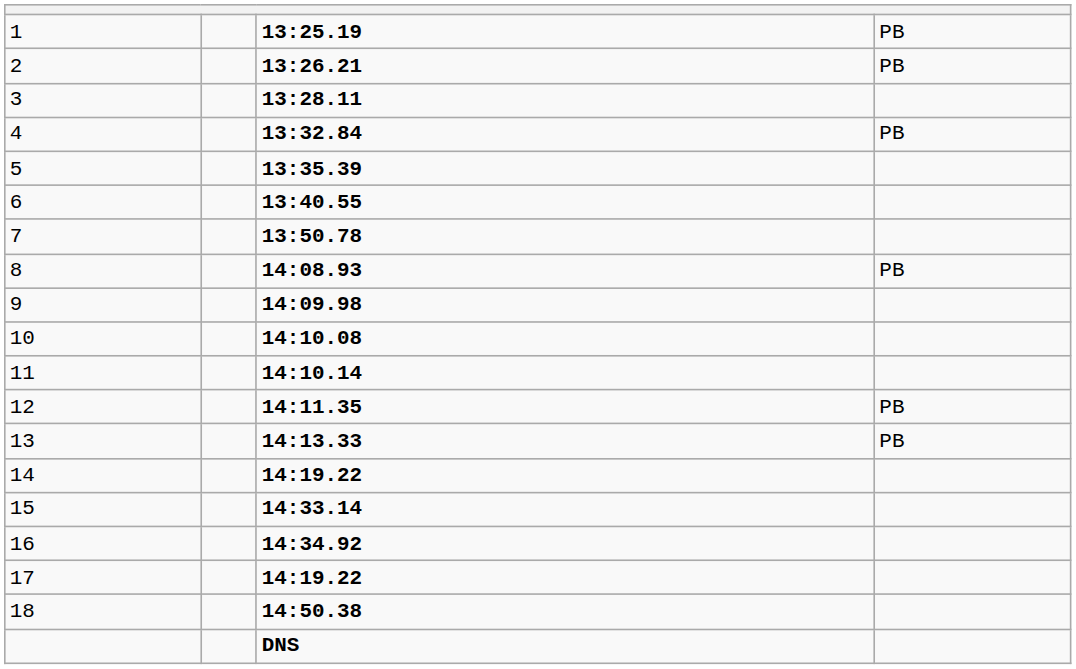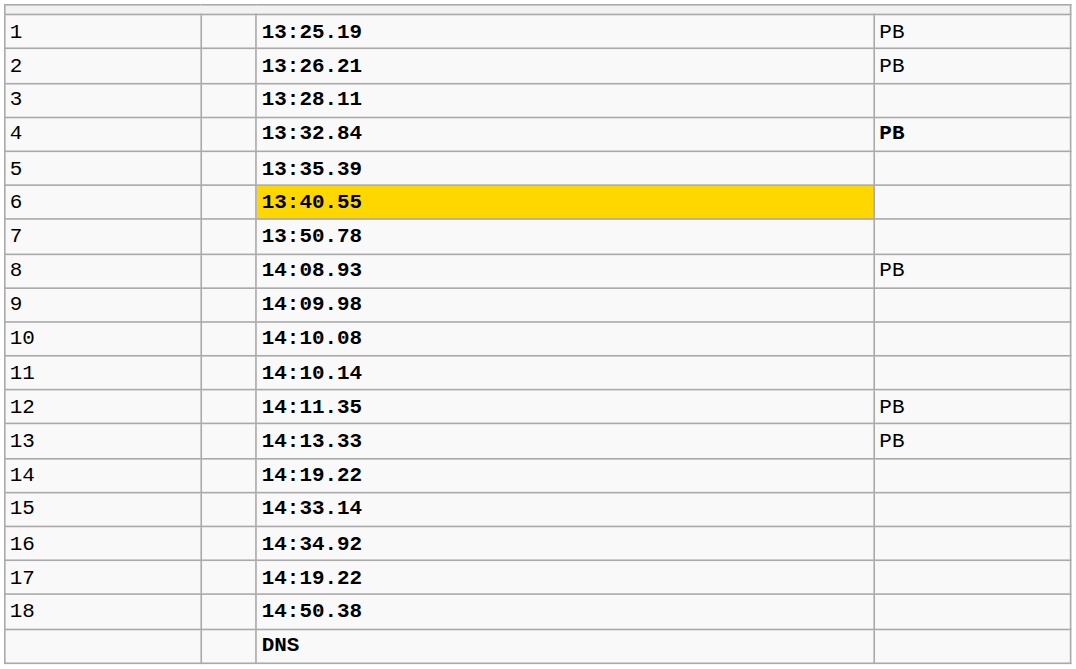 <table class="wikitable" width=75%>
 <tr>
 <th colspan="4"></th>
 </tr>
 <tr>
 <td>1</td>
 <td></td>
 <td><strong>13:25.19</strong></td>
 <td>PB</td>
 </tr>
 <tr>
 <td>2</td>
 <td></td>
 <td><strong>13:26.21</strong></td>
 <td>PB</td>
 </tr>
 <tr>
 <td>3</td>
 <td></td>
 <td><strong>13:28.11</strong></td>
 <td></td>
 </tr>
 <tr>
 <td>4</td>
 <td></td>
 <td><strong>13:32.84</strong></td>
-<td>PB</td>
+<td><strong>PB</strong></td>
 </tr>
 <tr>
 <td>5</td>
 <td></td>
 <td><strong>13:35.39</strong></td>
 <td></td>
 </tr>
 <tr>
 <td>6</td>
 <td></td>
-<td><strong>13:40.55</strong></td>
+<td style="background: gold;"><strong>13:40.55</strong></td>
 <td></td>
 </tr>
 <tr>
 <td>7</td>
 <td></td>
 <td><strong>13:50.78</strong></td>
 <td></td>
 </tr>
 <tr>
 <td>8</td>
 <td></td>
 <td><strong>14:08.93</strong></td>
 <td>PB</td>
 </tr>
 <tr>
 <td>9</td>
 <td></td>
 <td><strong>14:09.98</strong></td>
 <td></td>
 </tr>
 <tr>
 <td>10</td>
 <td></td>
 <td><strong>14:10.08</strong></td>
 <td></td>
 </tr>
 <tr>
 <td>11</td>
 <td></td>
 <td><strong>14:10.14</strong></td>
 <td></td>
 </tr>
 <tr>
 <td>12</td>
 <td></td>
 <td><strong>14:11.35</strong></td>
 <td>PB</td>
 </tr>
 <tr>
 <td>13</td>
 <td></td>
 <td><strong>14:13.33</strong></td>
 <td>PB</td>
 </tr>
 <tr>
 <td>14</td>
 <td></td>
 <td><strong>14:19.22</strong></td>
 <td></td>
 </tr>
 <tr>
 <td>15</td>
 <td></td>
 <td><strong>14:33.14</strong></td>
 <td></td>
 </tr>
 <tr>
 <td>16</td>
 <td></td>
 <td><strong>14:34.92</strong></td>
 <td></td>
 </tr>
 <tr>
 <td>17</td>
 <td></td>
 <td><strong>14:19.22</strong></td>
 <td></td>
 </tr>
 <tr>
 <td>18</td>
 <td></td>
 <td><strong>14:50.38</strong></td>
 <td></td>
 </tr>
 <tr>
 <td></td>
 <td></td>
 <td><strong>DNS</strong></td>
 <td></td>
 </tr>
 </table>
